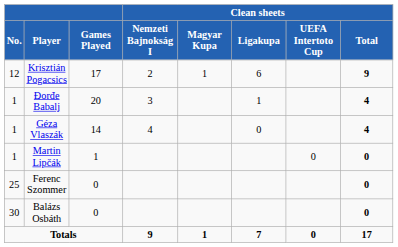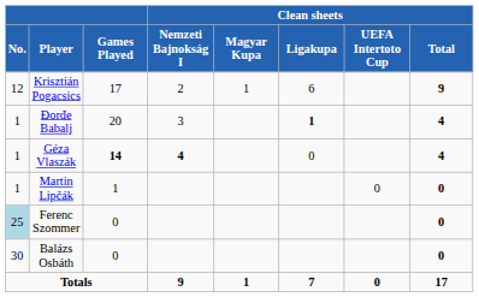 <table class="wikitable sortable alternance" style="text-align:center">
 <tr>
 <th colspan="3" style="background:#2462B2"></th>
 <th colspan="5" style="background:#2462B2; color:#FFFFFF">Clean sheets</th>
 </tr>
 <tr>
 <th style="background-color:#2462B2; color:#FFFFFF">No.</th>
 <th style="background-color:#2462B2; color:#FFFFFF">Player</th>
 <th width=80 style="background-color:#2462B2; color:#FFFFFF">Games Played</th>
 <th width=80 style="background-color:#2462B2; color:#FFFFFF">Nemzeti Bajnokság I</th>
 <th width=80 style="background-color:#2462B2; color:#FFFFFF">Magyar Kupa</th>
 <th width=80 style="background-color:#2462B2; color:#FFFFFF">Ligakupa</th>
 <th width=80 style="background-color:#2462B2; color:#FFFFFF">UEFA Intertoto Cup</th>
 <th width=80 style="background-color:#2462B2; color:#FFFFFF">Total</th>
 </tr>
 <tr>
 <td>12</td>
 <td> <a href='#'>Krisztián Pogacsics</a></td>
 <td>17</td>
 <td>2</td>
 <td>1</td>
 <td>6</td>
 <td></td>
 <td><strong>9</strong></td>
 </tr>
 <tr>
 <td>1</td>
 <td> <a href='#'>Đorđe Babalj</a></td>
 <td>20</td>
 <td>3</td>
 <td></td>
-<td>1</td>
+<td><strong>1</strong></td>
 <td></td>
 <td><strong>4</strong></td>
 </tr>
 <tr>
 <td>1</td>
 <td> <a href='#'>Géza Vlaszák</a></td>
-<td>14</td>
-<td>4</td>
+<td><strong>14</strong></td>
+<td><strong>4</strong></td>
 <td></td>
 <td>0</td>
 <td></td>
 <td><strong>4</strong></td>
 </tr>
 <tr>
 <td>1</td>
 <td> <a href='#'>Martin Lipčák</a></td>
 <td>1</td>
 <td></td>
 <td></td>
 <td></td>
 <td>0</td>
 <td><strong>0</strong></td>
 </tr>
 <tr>
-<td>25</td>
+<td style="background: lightblue;">25</td>
 <td> Ferenc Szommer</td>
 <td>0</td>
 <td></td>
 <td></td>
 <td></td>
 <td></td>
 <td><strong>0</strong></td>
 </tr>
 <tr>
 <td>30</td>
 <td> Balázs Osbáth</td>
 <td>0</td>
 <td></td>
 <td></td>
 <td></td>
 <td></td>
 <td><strong>0</strong></td>
 </tr>
 <tr class="sortbottom">
 <td colspan="3"><strong>Totals</strong></td>
 <td><strong>9</strong></td>
 <td><strong>1</strong></td>
 <td><strong>7</strong></td>
 <td><strong>0</strong></td>
 <td><strong>17</strong></td>
 </tr>
 </table>
